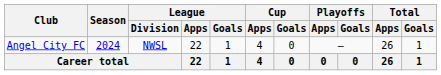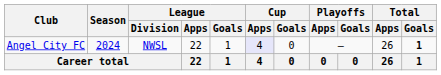 <table class="wikitable" style="text-align: center;">
 <tr>
 <th rowspan="2">Club</th>
 <th rowspan="2">Season</th>
 <th colspan="3">League</th>
 <th colspan="2">Cup</th>
 <th colspan="2">Playoffs</th>
 <th colspan="2">Total</th>
 </tr>
 <tr>
 <th>Division</th>
 <th>Apps</th>
 <th>Goals</th>
 <th>Apps</th>
 <th>Goals</th>
 <th>Apps</th>
 <th>Goals</th>
 <th>Apps</th>
 <th>Goals</th>
 </tr>
 <tr>
 <td><a href='#'>Angel City FC</a></td>
 <td><a href='#'>2024</a></td>
 <td><a href='#'>NWSL</a></td>
 <td>22</td>
 <td>1</td>
-<td>4</td>
+<td style="background: lavender;">4</td>
 <td>0</td>
 <td colspan="2">—</td>
 <td>26</td>
-<td>1</td>
+<td><strong>1</strong></td>
 </tr>
 <tr>
 <th colspan="3">Career total</th>
 <th>22</th>
 <th>1</th>
 <th>4</th>
 <th>0</th>
 <th>0</th>
 <th>0</th>
 <th>26</th>
 <th>1</th>
 </tr>
 </table>
